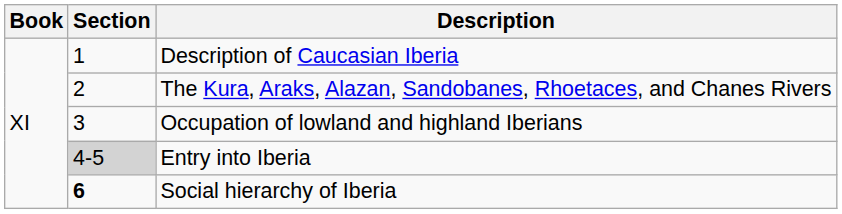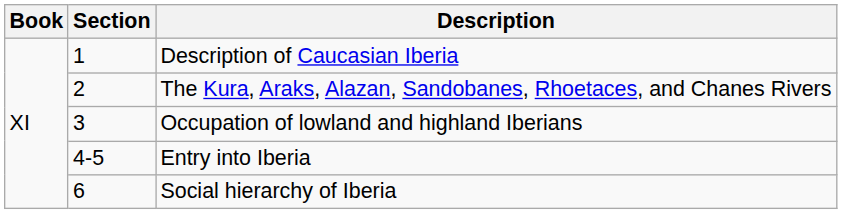 <table class="wikitable" style="max-width:45em;">
 <tr>
 <th>Book</th>
 <th>Section</th>
 <th>Description</th>
 </tr>
 <tr>
 <td rowspan="5">XI</td>
 <td>1</td>
 <td>Description of <a href='#'>Caucasian Iberia</a></td>
 </tr>
 <tr>
 <td>2</td>
 <td>The <a href='#'>Kura</a>, <a href='#'>Araks</a>, <a href='#'>Alazan</a>, <a href='#'>Sandobanes</a>, <a href='#'>Rhoetaces</a>, and Chanes Rivers</td>
 </tr>
 <tr>
 <td>3</td>
 <td>Occupation of lowland and highland Iberians</td>
 </tr>
 <tr>
-<td style="background: lightgrey;">4-5</td>
+<td>4-5</td>
 <td>Entry into Iberia</td>
 </tr>
 <tr>
-<td><strong>6</strong></td>
+<td>6</td>
 <td>Social hierarchy of Iberia</td>
 </tr>
 </table>
